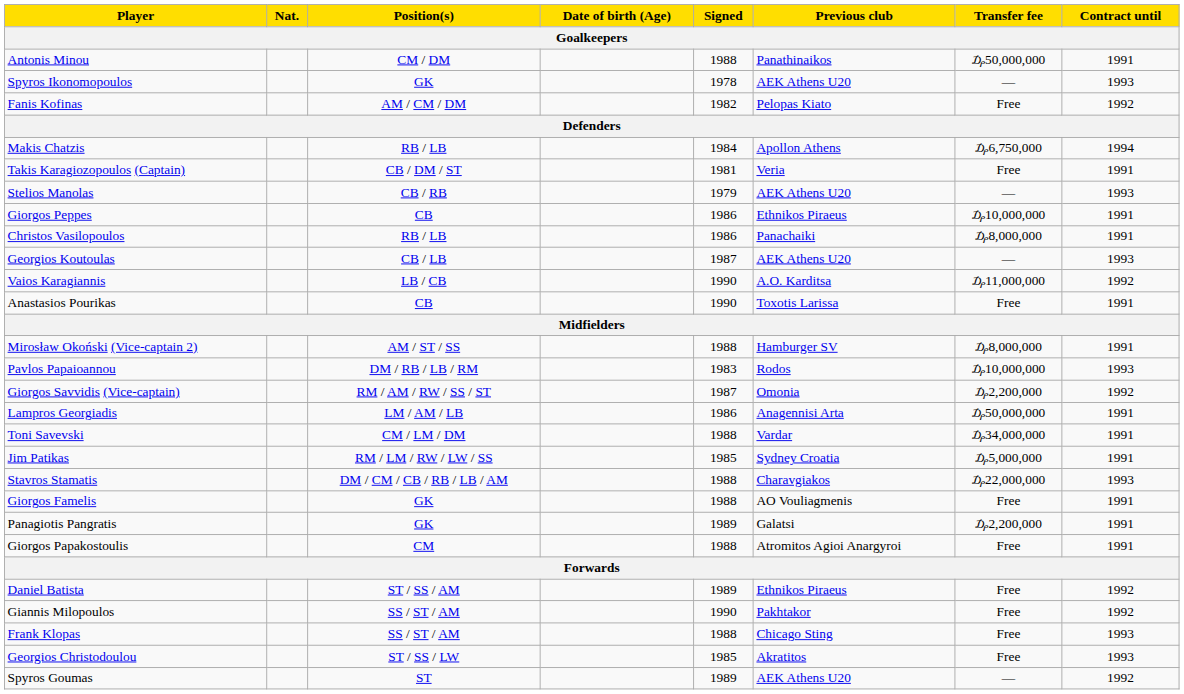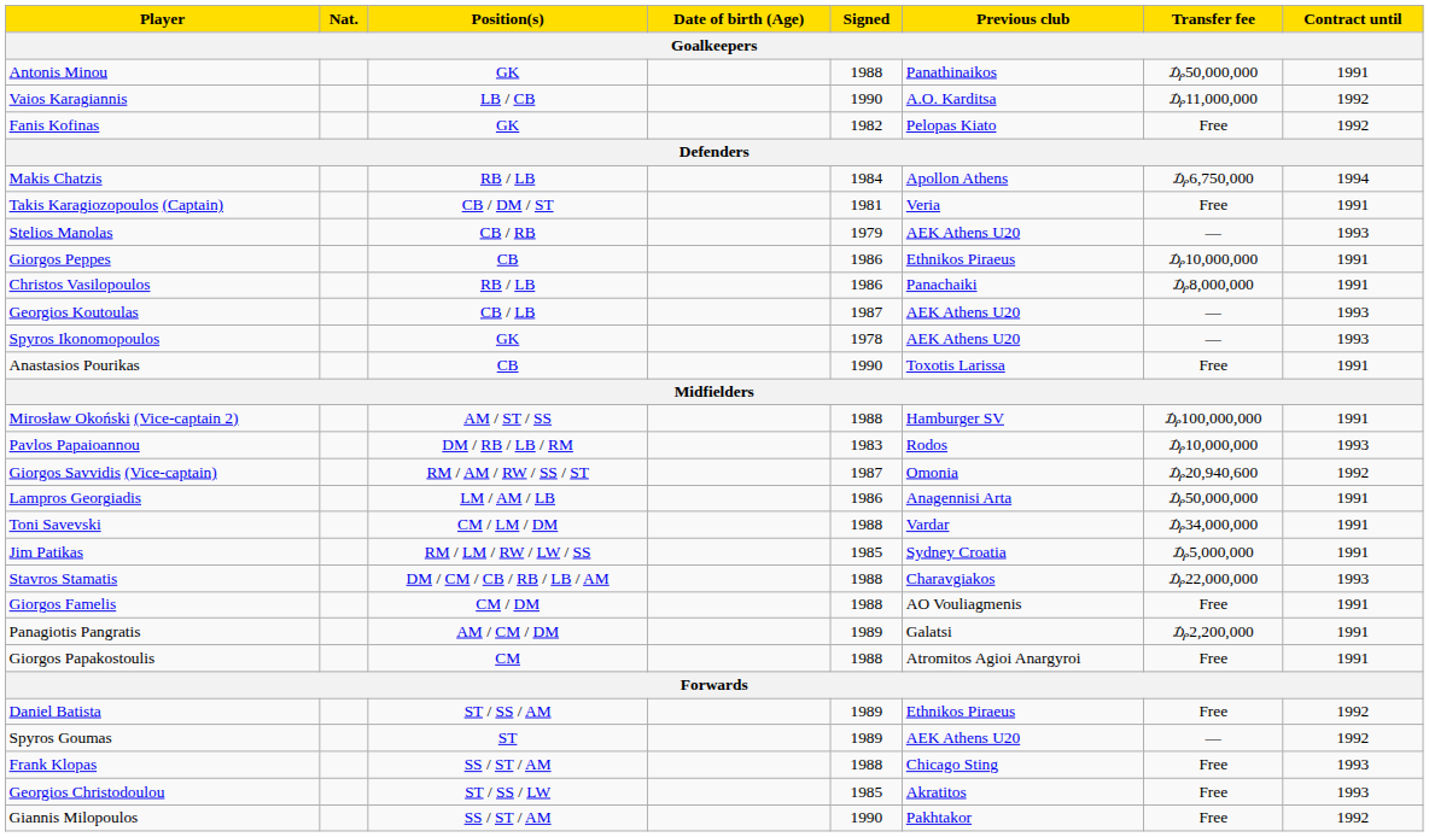 <table class="wikitable" style="text-align:center; font-size:90%;width:100%;">
 <tr>
 <th style="background:#FFDE00">Player</th>
 <th style="background:#FFDE00">Nat.</th>
 <th style="background:#FFDE00">Position(s)</th>
 <th style="background:#FFDE00">Date of birth (Age)</th>
 <th style="background:#FFDE00">Signed</th>
 <th style="background:#FFDE00">Previous club</th>
 <th style="background:#FFDE00">Transfer fee</th>
 <th style="background:#FFDE00">Contract until</th>
 </tr>
 <tr>
 <th colspan="8">Goalkeepers</th>
 </tr>
 <tr>
 <td align=left><a href='#'>Antonis Minou</a></td>
 <td></td>
-<td><a href='#'>CM</a> / <a href='#'>DM</a></td>
+<td><a href='#'>GK</a></td>
 <td></td>
 <td>1988</td>
 <td align=left> <a href='#'>Panathinaikos</a></td>
 <td>₯50,000,000</td>
 <td>1991</td>
 </tr>
 <tr>
-<td align=left><a href='#'>Spyros Ikonomopoulos</a></td>
+<td align=left><a href='#'>Vaios Karagiannis</a></td>
 <td></td>
-<td><a href='#'>GK</a></td>
+<td><a href='#'>LB</a> / <a href='#'>CB</a></td>
 <td></td>
-<td>1978</td>
-<td align=left> <a href='#'>AEK Athens U20</a></td>
-<td>—</td>
-<td>1993</td>
+<td>1990</td>
+<td align=left> <a href='#'>A.O. Karditsa</a></td>
+<td>₯11,000,000</td>
+<td>1992</td>
 </tr>
 <tr>
 <td align=left><a href='#'>Fanis Kofinas</a></td>
 <td></td>
-<td><a href='#'>AM</a> / <a href='#'>CM</a> / <a href='#'>DM</a></td>
+<td><a href='#'>GK</a></td>
 <td></td>
 <td>1982</td>
 <td align=left> <a href='#'>Pelopas Kiato</a></td>
 <td>Free</td>
 <td>1992</td>
 </tr>
 <tr>
 <th colspan="8">Defenders</th>
 </tr>
 <tr>
 <td align=left><a href='#'>Makis Chatzis</a></td>
 <td></td>
 <td><a href='#'>RB</a> / <a href='#'>LB</a></td>
 <td></td>
 <td>1984</td>
 <td align=left> <a href='#'>Apollon Athens</a></td>
 <td>₯6,750,000</td>
 <td>1994</td>
 </tr>
 <tr>
 <td align=left><a href='#'>Takis Karagiozopoulos</a> <a href='#'>(Captain)</a></td>
 <td></td>
 <td><a href='#'>CB</a> / <a href='#'>DM</a> / <a href='#'>ST</a></td>
 <td></td>
 <td>1981</td>
 <td align=left> <a href='#'>Veria</a></td>
 <td>Free</td>
 <td>1991</td>
 </tr>
 <tr>
 <td align=left><a href='#'>Stelios Manolas</a></td>
 <td></td>
 <td><a href='#'>CB</a> / <a href='#'>RB</a></td>
 <td></td>
 <td>1979</td>
 <td align=left> <a href='#'>AEK Athens U20</a></td>
 <td>—</td>
 <td>1993</td>
 </tr>
 <tr>
 <td align=left><a href='#'>Giorgos Peppes</a></td>
 <td></td>
 <td><a href='#'>CB</a></td>
 <td></td>
 <td>1986</td>
 <td align=left> <a href='#'>Ethnikos Piraeus</a></td>
 <td>₯10,000,000</td>
 <td>1991</td>
 </tr>
 <tr>
 <td align=left><a href='#'>Christos Vasilopoulos</a></td>
 <td></td>
 <td><a href='#'>RB</a> / <a href='#'>LB</a></td>
 <td></td>
 <td>1986</td>
 <td align=left> <a href='#'>Panachaiki</a></td>
 <td>₯8,000,000</td>
 <td>1991</td>
 </tr>
 <tr>
 <td align=left><a href='#'>Georgios Koutoulas</a></td>
 <td></td>
 <td><a href='#'>CB</a> / <a href='#'>LB</a></td>
 <td></td>
 <td>1987</td>
 <td align=left> <a href='#'>AEK Athens U20</a></td>
 <td>—</td>
 <td>1993</td>
 </tr>
 <tr>
-<td align=left><a href='#'>Vaios Karagiannis</a></td>
+<td align=left><a href='#'>Spyros Ikonomopoulos</a></td>
 <td></td>
-<td><a href='#'>LB</a> / <a href='#'>CB</a></td>
+<td><a href='#'>GK</a></td>
 <td></td>
-<td>1990</td>
-<td align=left> <a href='#'>A.O. Karditsa</a></td>
-<td>₯11,000,000</td>
-<td>1992</td>
+<td>1978</td>
+<td align=left> <a href='#'>AEK Athens U20</a></td>
+<td>—</td>
+<td>1993</td>
 </tr>
 <tr>
 <td align=left>Anastasios Pourikas</td>
 <td></td>
 <td><a href='#'>CB</a></td>
 <td></td>
 <td>1990</td>
 <td align=left> <a href='#'>Toxotis Larissa</a></td>
 <td>Free</td>
 <td>1991</td>
 </tr>
 <tr>
 <th colspan="8">Midfielders</th>
 </tr>
 <tr>
 <td align=left><a href='#'>Mirosław Okoński</a> <a href='#'>(Vice-captain 2)</a></td>
 <td></td>
 <td><a href='#'>AM</a> / <a href='#'>ST</a> / <a href='#'>SS</a></td>
 <td></td>
 <td>1988</td>
 <td align=left> <a href='#'>Hamburger SV</a></td>
-<td>₯8,000,000</td>
+<td>₯100,000,000</td>
 <td>1991</td>
 </tr>
 <tr>
 <td align=left><a href='#'>Pavlos Papaioannou</a></td>
 <td></td>
 <td><a href='#'>DM</a> / <a href='#'>RB</a> / <a href='#'>LB</a> / <a href='#'>RM</a></td>
 <td></td>
 <td>1983</td>
 <td align=left> <a href='#'>Rodos</a></td>
 <td>₯10,000,000</td>
 <td>1993</td>
 </tr>
 <tr>
 <td align=left><a href='#'>Giorgos Savvidis</a> <a href='#'>(Vice-captain)</a></td>
 <td></td>
 <td><a href='#'>RM</a> / <a href='#'>AM</a> / <a href='#'>RW</a> / <a href='#'>SS</a> / <a href='#'>ST</a></td>
 <td></td>
 <td>1987</td>
 <td align=left> <a href='#'>Omonia</a></td>
-<td>₯2,200,000</td>
+<td>₯20,940,600</td>
 <td>1992</td>
 </tr>
 <tr>
 <td align=left><a href='#'>Lampros Georgiadis</a></td>
 <td></td>
 <td><a href='#'>LM</a> / <a href='#'>AM</a> / <a href='#'>LB</a></td>
 <td></td>
 <td>1986</td>
 <td align=left> <a href='#'>Anagennisi Arta</a></td>
 <td>₯50,000,000</td>
 <td>1991</td>
 </tr>
 <tr>
 <td align=left><a href='#'>Toni Savevski</a></td>
 <td></td>
 <td><a href='#'>CM</a> / <a href='#'>LM</a> / <a href='#'>DM</a></td>
 <td></td>
 <td>1988</td>
 <td align=left> <a href='#'>Vardar</a></td>
 <td>₯34,000,000</td>
 <td>1991</td>
 </tr>
 <tr>
 <td align=left><a href='#'>Jim Patikas</a></td>
 <td></td>
 <td><a href='#'>RM</a> / <a href='#'>LM</a> / <a href='#'>RW</a> / <a href='#'>LW</a> / <a href='#'>SS</a></td>
 <td></td>
 <td>1985</td>
 <td align=left> <a href='#'>Sydney Croatia</a></td>
 <td>₯5,000,000</td>
 <td>1991</td>
 </tr>
 <tr>
 <td align=left><a href='#'>Stavros Stamatis</a></td>
 <td></td>
 <td><a href='#'>DM</a> / <a href='#'>CM</a> / <a href='#'>CB</a> / <a href='#'>RB</a> / <a href='#'>LB</a> /  <a href='#'>AM</a></td>
 <td></td>
 <td>1988</td>
 <td align=left> <a href='#'>Charavgiakos</a></td>
 <td>₯22,000,000</td>
 <td>1993</td>
 </tr>
 <tr>
 <td align=left><a href='#'>Giorgos Famelis</a></td>
 <td></td>
-<td><a href='#'>GK</a></td>
+<td><a href='#'>CM</a> / <a href='#'>DM</a></td>
 <td></td>
 <td>1988</td>
 <td align=left> AO Vouliagmenis</td>
 <td>Free</td>
 <td>1991</td>
 </tr>
 <tr>
 <td align=left>Panagiotis Pangratis</td>
 <td></td>
-<td><a href='#'>GK</a></td>
+<td><a href='#'>AM</a> / <a href='#'>CM</a> / <a href='#'>DM</a></td>
 <td></td>
 <td>1989</td>
 <td align=left> Galatsi</td>
 <td>₯2,200,000</td>
 <td>1991</td>
 </tr>
 <tr>
 <td align=left>Giorgos Papakostoulis</td>
 <td></td>
 <td><a href='#'>CM</a></td>
 <td></td>
 <td>1988</td>
 <td align=left> Atromitos Agioi Anargyroi</td>
 <td>Free</td>
 <td>1991</td>
 </tr>
 <tr>
 <th colspan="8">Forwards</th>
 </tr>
 <tr>
 <td align=left><a href='#'>Daniel Batista</a></td>
 <td></td>
 <td><a href='#'>ST</a> / <a href='#'>SS</a> / <a href='#'>AM</a></td>
 <td></td>
 <td>1989</td>
 <td align=left> <a href='#'>Ethnikos Piraeus</a></td>
 <td>Free</td>
 <td>1992</td>
 </tr>
 <tr>
-<td align=left>Giannis Milopoulos</td>
+<td align=left>Spyros Goumas</td>
 <td></td>
-<td><a href='#'>SS</a> / <a href='#'>ST</a> / <a href='#'>AM</a></td>
+<td><a href='#'>ST</a></td>
 <td></td>
-<td>1990</td>
-<td align=left> <a href='#'>Pakhtakor</a></td>
-<td>Free</td>
+<td>1989</td>
+<td align=left> <a href='#'>AEK Athens U20</a></td>
+<td>—</td>
 <td>1992</td>
 </tr>
 <tr>
 <td align=left><a href='#'>Frank Klopas</a></td>
 <td></td>
 <td><a href='#'>SS</a> / <a href='#'>ST</a> / <a href='#'>AM</a></td>
 <td></td>
 <td>1988</td>
 <td align=left> <a href='#'>Chicago Sting</a></td>
 <td>Free</td>
 <td>1993</td>
 </tr>
 <tr>
 <td align=left><a href='#'>Georgios Christodoulou</a></td>
 <td></td>
 <td><a href='#'>ST</a> / <a href='#'>SS</a> / <a href='#'>LW</a></td>
 <td></td>
 <td>1985</td>
 <td align=left> <a href='#'>Akratitos</a></td>
 <td>Free</td>
 <td>1993</td>
 </tr>
 <tr>
-<td align=left>Spyros Goumas</td>
+<td align=left>Giannis Milopoulos</td>
 <td></td>
-<td><a href='#'>ST</a></td>
+<td><a href='#'>SS</a> / <a href='#'>ST</a> / <a href='#'>AM</a></td>
 <td></td>
-<td>1989</td>
-<td align=left> <a href='#'>AEK Athens U20</a></td>
-<td>—</td>
+<td>1990</td>
+<td align=left> <a href='#'>Pakhtakor</a></td>
+<td>Free</td>
 <td>1992</td>
 </tr>
 </table>
